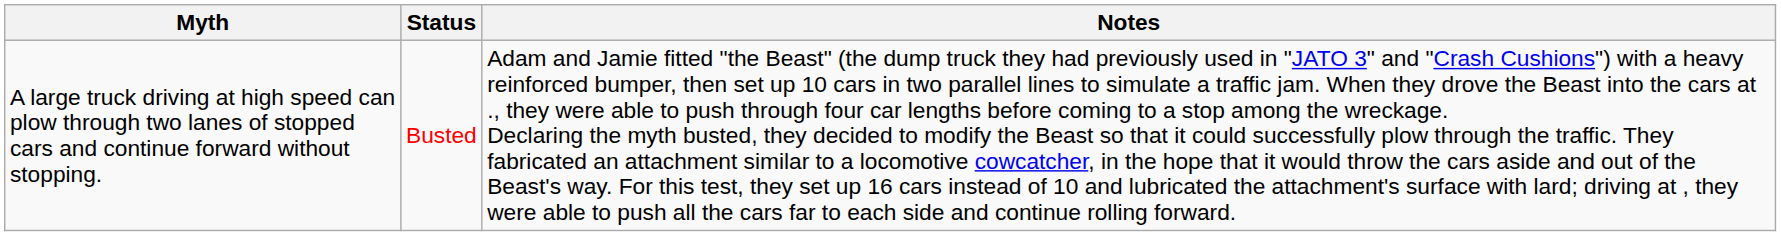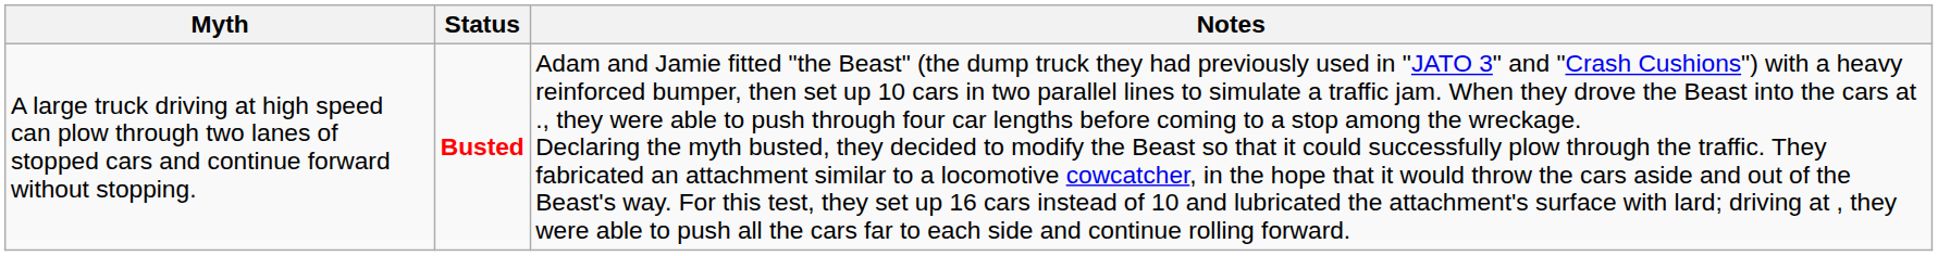 <table class="wikitable plainrowheaders">
 <tr>
 <th scope"col">Myth</th>
 <th scope"col">Status</th>
 <th scope"col">Notes</th>
 </tr>
 <tr>
 <td scope"row">A large truck driving at high speed can plow through two lanes of stopped cars and continue forward without stopping.</td>
-<td style="color:red">Busted</td>
+<td style="color:red"><strong>Busted</strong></td>
 <td>Adam and Jamie fitted "the Beast" (the dump truck they had previously used in "<a href='#'>JATO 3</a>" and "<a href='#'>Crash Cushions</a>") with a heavy reinforced bumper, then set up 10 cars in two parallel lines to simulate a traffic jam. When they drove the Beast into the cars at ., they were able to push through four car lengths before coming to a stop among the wreckage.<br>Declaring the myth busted, they decided to modify the Beast so that it could successfully plow through the traffic. They fabricated an attachment similar to a locomotive <a href='#'>cowcatcher</a>, in the hope that it would throw the cars aside and out of the Beast's way. For this test, they set up 16 cars instead of 10 and lubricated the attachment's surface with lard; driving at , they were able to push all the cars far to each side and continue rolling forward.</td>
 </tr>
 </table>
